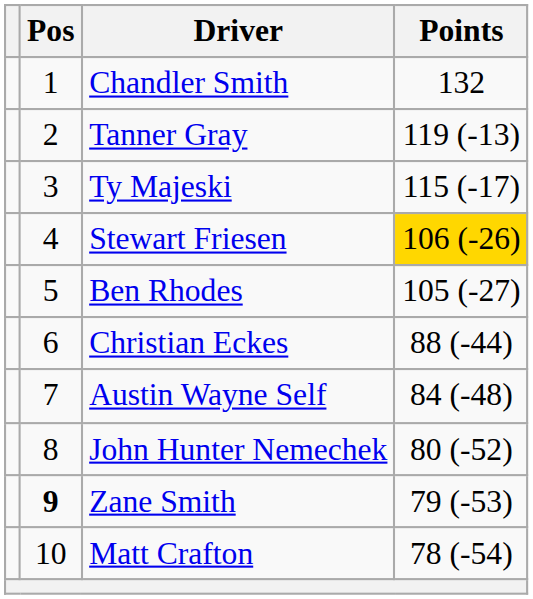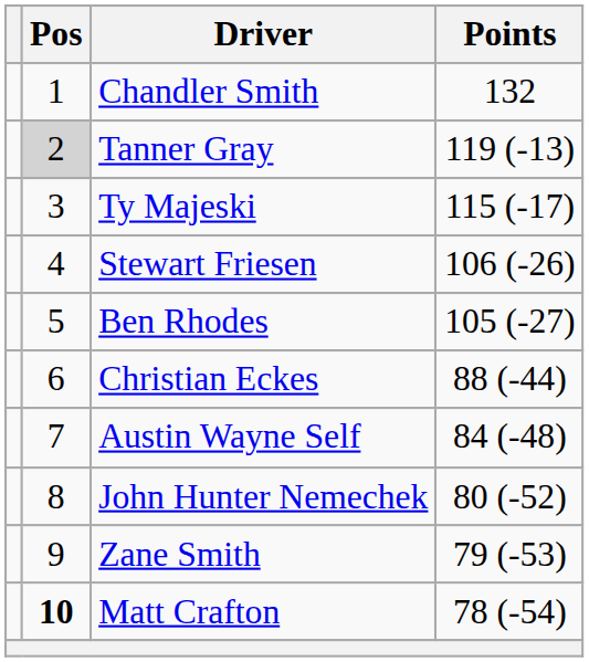 <table class="wikitable" style="font-size: 95%;">
 <tr>
 <th></th>
 <th>Pos</th>
 <th>Driver</th>
 <th>Points</th>
 </tr>
 <tr>
 <td align="left"></td>
 <td style="text-align:center;">1</td>
 <td><a href='#'>Chandler Smith</a></td>
 <td style="text-align:center;">132</td>
 </tr>
 <tr>
 <td align="left"></td>
-<td style="text-align:center;">2</td>
+<td style="background: lightgrey; text-align:center;">2</td>
 <td><a href='#'>Tanner Gray</a></td>
 <td style="text-align:center;">119 (-13)</td>
 </tr>
 <tr>
 <td align="left"></td>
 <td style="text-align:center;">3</td>
 <td><a href='#'>Ty Majeski</a></td>
 <td style="text-align:center;">115 (-17)</td>
 </tr>
 <tr>
 <td align="left"></td>
 <td style="text-align:center;">4</td>
 <td><a href='#'>Stewart Friesen</a></td>
-<td style="background: gold; text-align:center;">106 (-26)</td>
+<td style="text-align:center;">106 (-26)</td>
 </tr>
 <tr>
 <td align="left"></td>
 <td style="text-align:center;">5</td>
 <td><a href='#'>Ben Rhodes</a></td>
 <td style="text-align:center;">105 (-27)</td>
 </tr>
 <tr>
 <td align="left"></td>
 <td style="text-align:center;">6</td>
 <td><a href='#'>Christian Eckes</a></td>
 <td style="text-align:center;">88 (-44)</td>
 </tr>
 <tr>
 <td align="left"></td>
 <td style="text-align:center;">7</td>
 <td><a href='#'>Austin Wayne Self</a></td>
 <td style="text-align:center;">84 (-48)</td>
 </tr>
 <tr>
 <td align="left"></td>
 <td style="text-align:center;">8</td>
 <td><a href='#'>John Hunter Nemechek</a></td>
 <td style="text-align:center;">80 (-52)</td>
 </tr>
 <tr>
 <td align="left"></td>
-<td style="text-align:center;"><strong>9</strong></td>
+<td style="text-align:center;">9</td>
 <td><a href='#'>Zane Smith</a></td>
 <td style="text-align:center;">79 (-53)</td>
 </tr>
 <tr>
 <td align="left"></td>
-<td style="text-align:center;">10</td>
+<td style="text-align:center;"><strong>10</strong></td>
 <td><a href='#'>Matt Crafton</a></td>
 <td style="text-align:center;">78 (-54)</td>
 </tr>
 <tr class="sortbottom">
 <th colspan="9"></th>
 </tr>
 </table>
